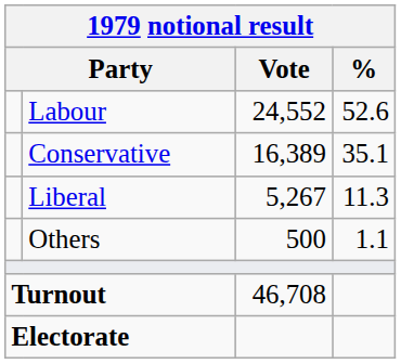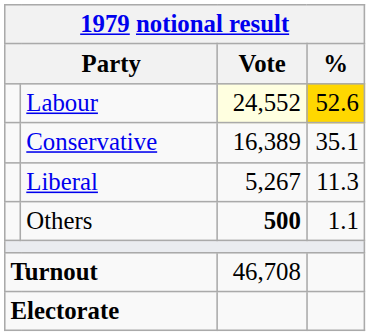 <table class="wikitable">
 <tr>
 <th colspan="4"><a href='#'>1979</a> <a href='#'>notional result</a></th>
 </tr>
 <tr>
 <th bgcolor="#DDDDFF" width="130px" colspan="2">Party</th>
 <th bgcolor="#DDDDFF" width="50px">Vote</th>
 <th bgcolor="#DDDDFF" width="30px">%</th>
 </tr>
 <tr>
 <td></td>
 <td><a href='#'>Labour</a></td>
-<td align=right>24,552</td>
-<td align=right>52.6</td>
+<td align=right style="background: lightyellow;">24,552</td>
+<td align=right style="background: gold;">52.6</td>
 </tr>
 <tr>
 <td></td>
 <td><a href='#'>Conservative</a></td>
 <td align=right>16,389</td>
 <td align=right>35.1</td>
 </tr>
 <tr>
 <td></td>
 <td><a href='#'>Liberal</a></td>
 <td align=right>5,267</td>
 <td align=right>11.3</td>
 </tr>
 <tr>
 <td></td>
 <td>Others</td>
-<td align=right>500</td>
+<td align=right><strong>500</strong></td>
 <td align=right>1.1</td>
 </tr>
 <tr>
 <td colspan="4" bgcolor="#EAECF0"></td>
 </tr>
 <tr>
 <td colspan="2"><strong>Turnout</strong></td>
 <td align=right>46,708</td>
 <td align=right></td>
 </tr>
 <tr>
 <td colspan="2"><strong>Electorate</strong></td>
 <td align=right></td>
 </tr>
 </table>
